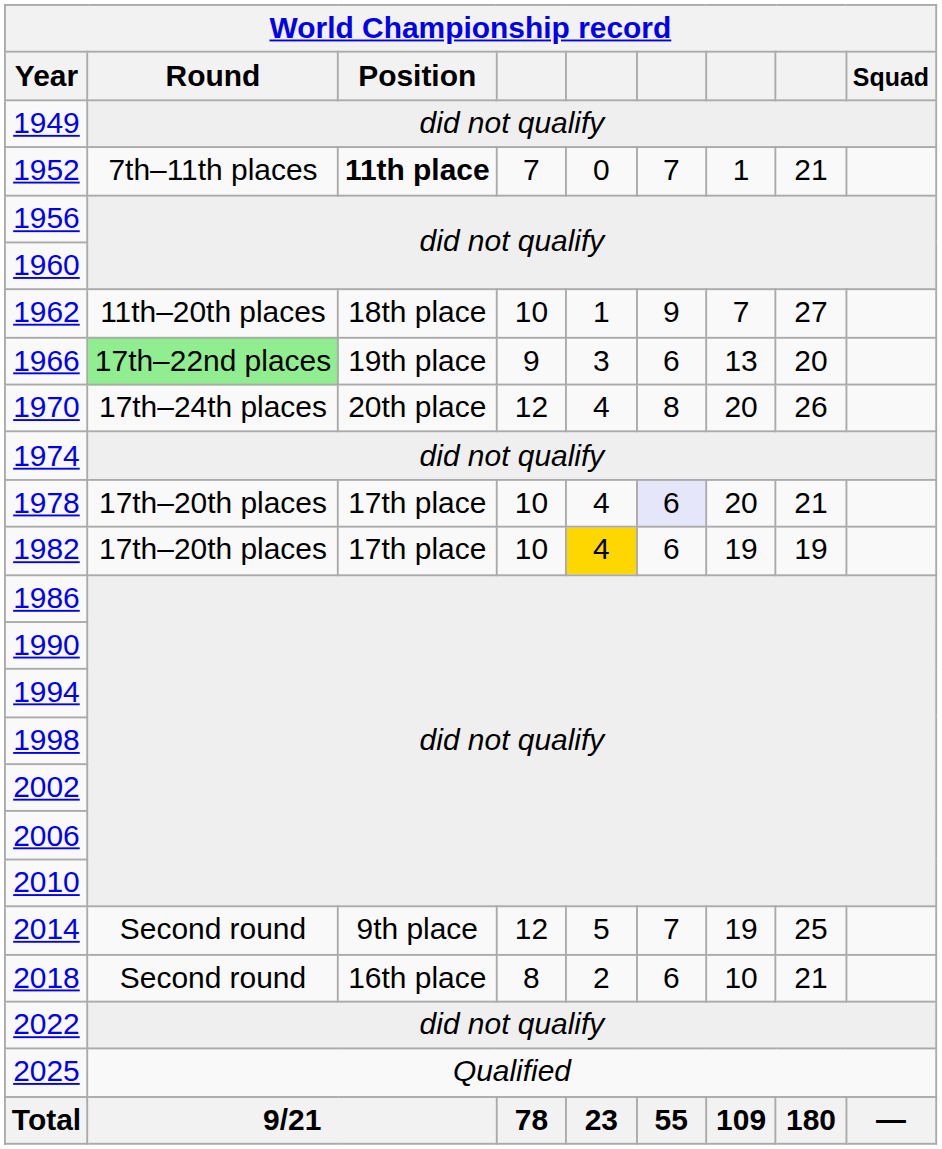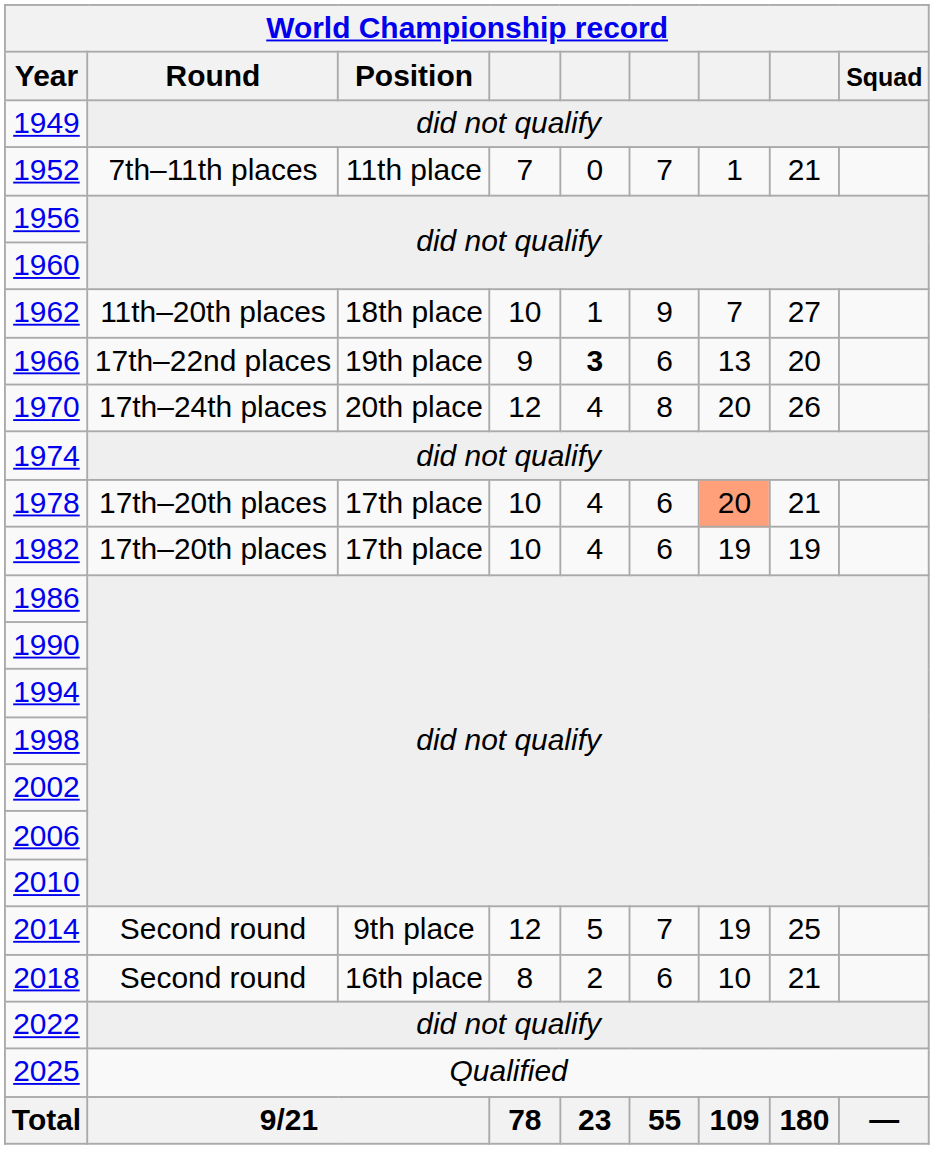 <table class="wikitable" style="text-align: center;">
 <tr>
 <th colspan=9><a href='#'>World Championship record</a></th>
 </tr>
 <tr>
 <th>Year</th>
 <th>Round</th>
 <th>Position</th>
 <th width=30></th>
 <th width=30></th>
 <th width=30></th>
 <th width=30></th>
 <th width=30></th>
 <th><small>Squad</small></th>
 </tr>
 <tr>
 <td> <a href='#'>1949</a></td>
 <td colspan=8 rowspan=1 bgcolor=#efefef><em>did not qualify</em></td>
 </tr>
 <tr>
 <td> <a href='#'>1952</a></td>
 <td>7th–11th places</td>
-<td><strong>11th place</strong></td>
+<td>11th place</td>
 <td>7</td>
 <td>0</td>
 <td>7</td>
 <td>1</td>
 <td>21</td>
 <td></td>
 </tr>
 <tr>
 <td> <a href='#'>1956</a></td>
 <td colspan=8 rowspan=2 bgcolor=#efefef><em>did not qualify</em></td>
 </tr>
 <tr>
 <td> <a href='#'>1960</a></td>
 </tr>
 <tr>
 <td> <a href='#'>1962</a></td>
 <td>11th–20th places</td>
 <td>18th place</td>
 <td>10</td>
 <td>1</td>
 <td>9</td>
 <td>7</td>
 <td>27</td>
 <td></td>
 </tr>
 <tr>
 <td> <a href='#'>1966</a></td>
-<td style="background: lightgreen;">17th–22nd places</td>
+<td>17th–22nd places</td>
 <td>19th place</td>
 <td>9</td>
-<td>3</td>
+<td><strong>3</strong></td>
 <td>6</td>
 <td>13</td>
 <td>20</td>
 <td></td>
 </tr>
 <tr>
 <td> <a href='#'>1970</a></td>
 <td>17th–24th places</td>
 <td>20th place</td>
 <td>12</td>
 <td>4</td>
 <td>8</td>
 <td>20</td>
 <td>26</td>
 <td></td>
 </tr>
 <tr>
 <td> <a href='#'>1974</a></td>
 <td colspan=8 rowspan=1 bgcolor=#efefef><em>did not qualify</em></td>
 </tr>
 <tr>
 <td> <a href='#'>1978</a></td>
 <td>17th–20th places</td>
 <td>17th place</td>
 <td>10</td>
 <td>4</td>
-<td style="background: lavender;">6</td>
-<td>20</td>
+<td>6</td>
+<td style="background: lightsalmon;">20</td>
 <td>21</td>
 <td></td>
 </tr>
 <tr>
 <td> <a href='#'>1982</a></td>
 <td>17th–20th places</td>
 <td>17th place</td>
 <td>10</td>
-<td style="background: gold;">4</td>
+<td>4</td>
 <td>6</td>
 <td>19</td>
 <td>19</td>
 <td></td>
 </tr>
 <tr>
 <td> <a href='#'>1986</a></td>
 <td colspan=8 rowspan=7 bgcolor=#efefef><em>did not qualify</em></td>
 </tr>
 <tr>
 <td> <a href='#'>1990</a></td>
 </tr>
 <tr>
 <td> <a href='#'>1994</a></td>
 </tr>
 <tr>
 <td> <a href='#'>1998</a></td>
 </tr>
 <tr>
 <td> <a href='#'>2002</a></td>
 </tr>
 <tr>
 <td> <a href='#'>2006</a></td>
 </tr>
 <tr>
 <td> <a href='#'>2010</a></td>
 </tr>
 <tr>
 <td> <a href='#'>2014</a></td>
 <td>Second round</td>
 <td>9th place</td>
 <td>12</td>
 <td>5</td>
 <td>7</td>
 <td>19</td>
 <td>25</td>
 <td></td>
 </tr>
 <tr>
 <td>  <a href='#'>2018</a></td>
 <td>Second round</td>
 <td>16th place</td>
 <td>8</td>
 <td>2</td>
 <td>6</td>
 <td>10</td>
 <td>21</td>
 <td></td>
 </tr>
 <tr>
 <td>  <a href='#'>2022</a></td>
 <td colspan=8 rowspan=1 bgcolor=#efefef><em>did not qualify</em></td>
 </tr>
 <tr>
 <td> <a href='#'>2025</a></td>
 <td colspan=8 rowspan=1><em>Qualified</em></td>
 </tr>
 <tr>
 <th>Total</th>
 <th colspan=2>9/21</th>
 <th>78</th>
 <th>23</th>
 <th>55</th>
 <th>109</th>
 <th>180</th>
 <th>—</th>
 </tr>
 </table>
